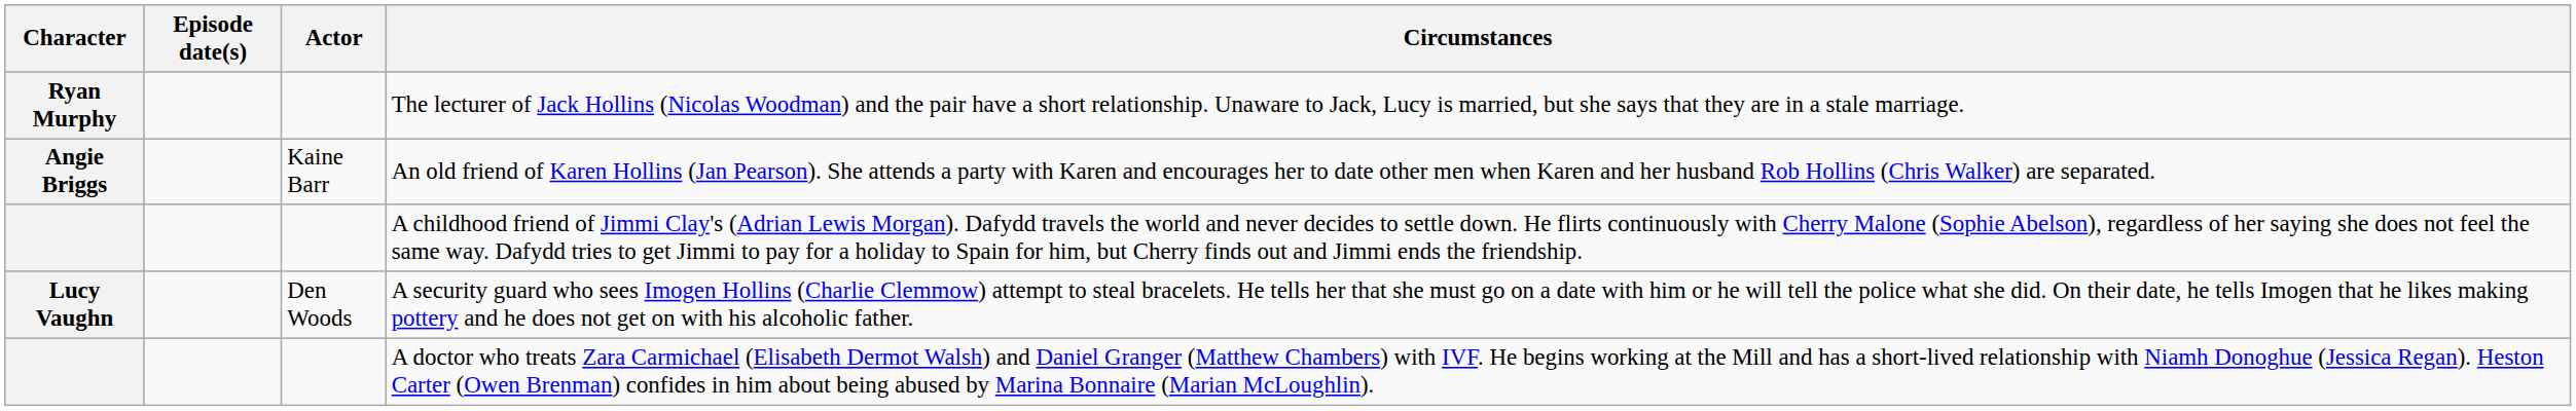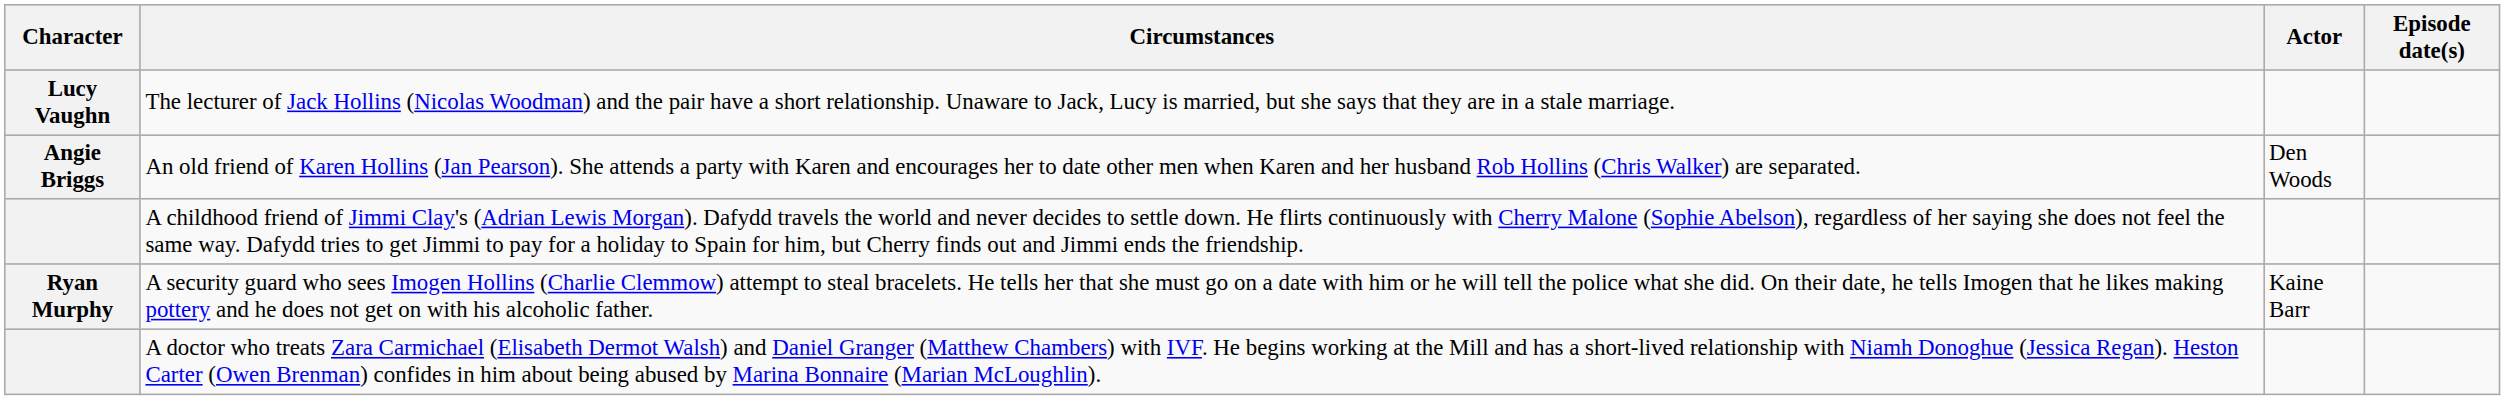 <table class="wikitable plainrowheaders" style="font-size:90%">
 <tr>
 <th scope="col">Character</th>
+<th scope="col">Circumstances</th>
+<th scope="col">Actor</th>
 <th scope="col">Episode date(s)</th>
-<th scope="col">Actor</th>
-<th scope="col">Circumstances</th>
+</tr>
+<tr>
+<th scope="row">Lucy Vaughn </th>
+<td>The lecturer of <a href='#'>Jack Hollins</a> (<a href='#'>Nicolas Woodman</a>) and the pair have a short relationship. Unaware to Jack, Lucy is married, but she says that they are in a stale marriage.</td>
+<td></td>
+<td></td>
+</tr>
+<tr>
+<th scope="row">Angie Briggs </th>
+<td>An old friend of <a href='#'>Karen Hollins</a> (<a href='#'>Jan Pearson</a>). She attends a party with Karen and encourages her to date other men when Karen and her husband <a href='#'>Rob Hollins</a> (<a href='#'>Chris Walker</a>) are separated.</td>
+<td>Den Woods</td>
+<td></td>
+</tr>
+<tr>
+<th scope="row"> </th>
+<td>A childhood friend of <a href='#'>Jimmi Clay</a>'s (<a href='#'>Adrian Lewis Morgan</a>). Dafydd travels the world and never decides to settle down. He flirts continuously with <a href='#'>Cherry Malone</a> (<a href='#'>Sophie Abelson</a>), regardless of her saying she does not feel the same way. Dafydd tries to get Jimmi to pay for a holiday to Spain for him, but Cherry finds out and Jimmi ends the friendship.</td>
+<td></td>
+<td></td>
 </tr>
 <tr>
 <th scope="row">Ryan Murphy </th>
+<td>A security guard who sees <a href='#'>Imogen Hollins</a> (<a href='#'>Charlie Clemmow</a>) attempt to steal bracelets. He tells her that she must go on a date with him or he will tell the police what she did. On their date, he tells Imogen that he likes making <a href='#'>pottery</a> and he does not get on with his alcoholic father.</td>
+<td>Kaine Barr</td>
 <td></td>
-<td></td>
-<td>The lecturer of <a href='#'>Jack Hollins</a> (<a href='#'>Nicolas Woodman</a>) and the pair have a short relationship. Unaware to Jack, Lucy is married, but she says that they are in a stale marriage.</td>
-</tr>
-<tr>
-<th scope="row">Angie Briggs </th>
-<td></td>
-<td>Kaine Barr</td>
-<td>An old friend of <a href='#'>Karen Hollins</a> (<a href='#'>Jan Pearson</a>). She attends a party with Karen and encourages her to date other men when Karen and her husband <a href='#'>Rob Hollins</a> (<a href='#'>Chris Walker</a>) are separated.</td>
 </tr>
 <tr>
 <th scope="row"> </th>
+<td>A doctor who treats <a href='#'>Zara Carmichael</a> (<a href='#'>Elisabeth Dermot Walsh</a>) and <a href='#'>Daniel Granger</a> (<a href='#'>Matthew Chambers</a>) with <a href='#'>IVF</a>. He begins working at the Mill and has a short-lived relationship with <a href='#'>Niamh Donoghue</a> (<a href='#'>Jessica Regan</a>). <a href='#'>Heston Carter</a> (<a href='#'>Owen Brenman</a>) confides in him about being abused by <a href='#'>Marina Bonnaire</a> (<a href='#'>Marian McLoughlin</a>).</td>
 <td></td>
 <td></td>
-<td>A childhood friend of <a href='#'>Jimmi Clay</a>'s (<a href='#'>Adrian Lewis Morgan</a>). Dafydd travels the world and never decides to settle down. He flirts continuously with <a href='#'>Cherry Malone</a> (<a href='#'>Sophie Abelson</a>), regardless of her saying she does not feel the same way. Dafydd tries to get Jimmi to pay for a holiday to Spain for him, but Cherry finds out and Jimmi ends the friendship.</td>
-</tr>
-<tr>
-<th scope="row">Lucy Vaughn </th>
-<td></td>
-<td>Den Woods</td>
-<td>A security guard who sees <a href='#'>Imogen Hollins</a> (<a href='#'>Charlie Clemmow</a>) attempt to steal bracelets. He tells her that she must go on a date with him or he will tell the police what she did. On their date, he tells Imogen that he likes making <a href='#'>pottery</a> and he does not get on with his alcoholic father.</td>
-</tr>
-<tr>
-<th scope="row"> </th>
-<td></td>
-<td></td>
-<td>A doctor who treats <a href='#'>Zara Carmichael</a> (<a href='#'>Elisabeth Dermot Walsh</a>) and <a href='#'>Daniel Granger</a> (<a href='#'>Matthew Chambers</a>) with <a href='#'>IVF</a>. He begins working at the Mill and has a short-lived relationship with <a href='#'>Niamh Donoghue</a> (<a href='#'>Jessica Regan</a>). <a href='#'>Heston Carter</a> (<a href='#'>Owen Brenman</a>) confides in him about being abused by <a href='#'>Marina Bonnaire</a> (<a href='#'>Marian McLoughlin</a>).</td>
 </tr>
 </table>
